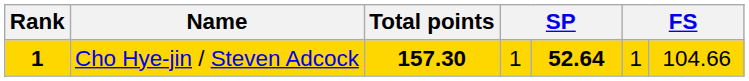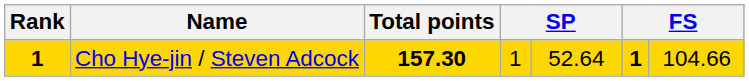 <table class="wikitable sortable">
 <tr>
 <th>Rank</th>
 <th>Name</th>
 <th>Total points</th>
 <th colspan="2" width="80px"><a href='#'>SP</a></th>
 <th colspan="2" width="80px"><a href='#'>FS</a></th>
 </tr>
 <tr bgcolor="gold">
 <td align="center"><strong>1</strong></td>
 <td><a href='#'>Cho Hye-jin</a> / <a href='#'>Steven Adcock</a></td>
 <td align="center"><strong>157.30</strong></td>
 <td align="center">1</td>
-<td align="center"><strong>52.64</strong></td>
-<td align="center">1</td>
+<td align="center">52.64</td>
+<td align="center"><strong>1</strong></td>
 <td align="center">104.66</td>
 </tr>
 </table>
